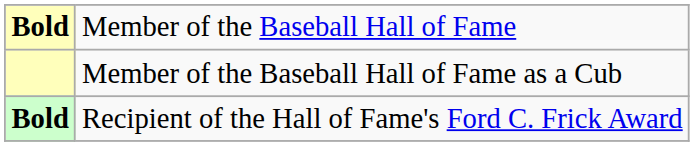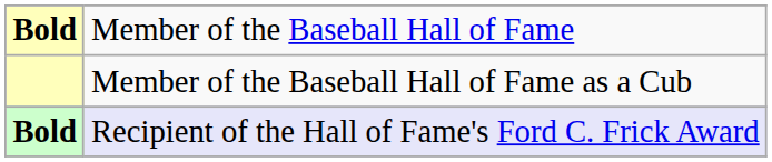 <table class="wikitable">
 <tr>
 <th scope="row" style="background:#ffb;"><strong>Bold</strong></th>
 <td>Member of the <a href='#'>Baseball Hall of Fame</a></td>
 </tr>
 <tr>
 <th scope="row" style="background:#ffb;"></th>
 <td>Member of the Baseball Hall of Fame as a Cub</td>
 </tr>
 <tr>
 <th scope="row" style="background:#cfc;"><strong>Bold</strong></th>
-<td>Recipient of the Hall of Fame's <a href='#'>Ford C. Frick Award</a></td>
+<td style="background: lavender;">Recipient of the Hall of Fame's <a href='#'>Ford C. Frick Award</a></td>
 </tr>
 </table>
